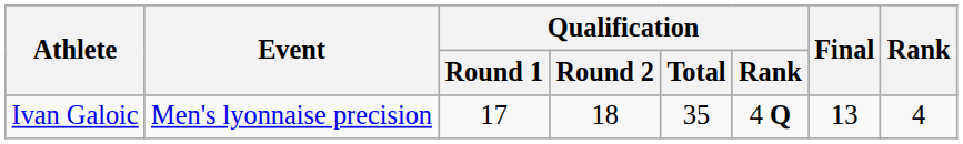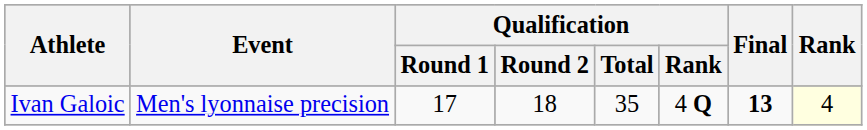 <table class="wikitable" border="1" style="font-size:90%">
 <tr>
 <th rowspan="2">Athlete</th>
 <th rowspan="2">Event</th>
 <th colspan="4">Qualification</th>
 <th rowspan="2">Final</th>
 <th rowspan="2">Rank</th>
 </tr>
 <tr>
 <th>Round 1</th>
 <th>Round 2</th>
 <th>Total</th>
 <th>Rank</th>
 </tr>
 <tr align=center>
 <td align-left><a href='#'>Ivan Galoic</a></td>
 <td><a href='#'>Men's lyonnaise precision</a></td>
 <td>17</td>
 <td>18</td>
 <td>35</td>
 <td>4 <strong>Q</strong></td>
-<td>13</td>
-<td>4</td>
+<td><strong>13</strong></td>
+<td style="background: lightyellow;">4</td>
 </tr>
 </table>
